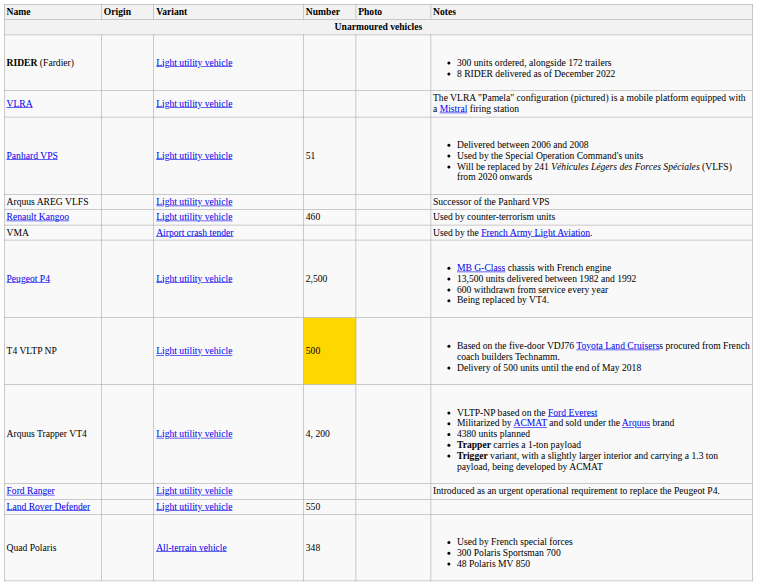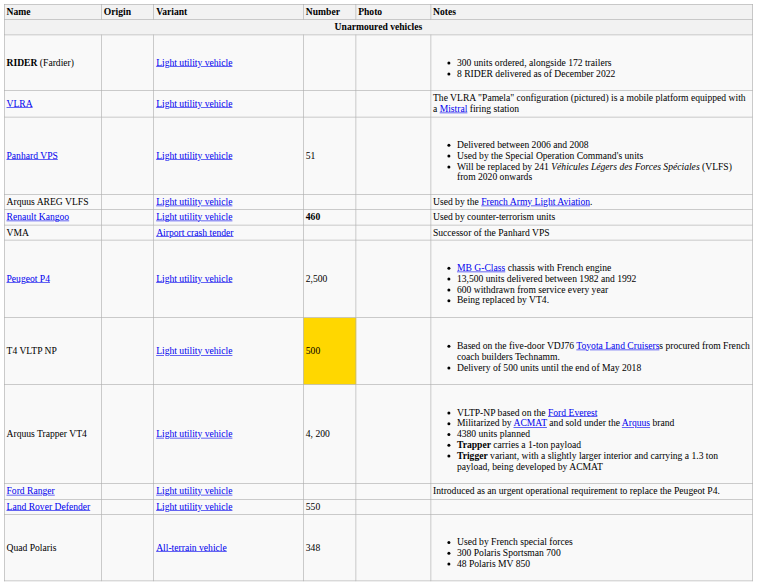 <table class="wikitable">
 <tr>
 <th style="text-align: left; width:13%;">Name</th>
 <th style="text-align: left; width:7%;">Origin</th>
 <th style="text-align: left; width:20%;">Variant</th>
 <th style="text-align: left; width:7%;">Number</th>
 <th style="text-align: left; width:10%; ">Photo</th>
 <th style="text-align: left; width:43%;">Notes</th>
 </tr>
 <tr>
 <th colspan="6" style="align: center;">Unarmoured vehicles</th>
 </tr>
 <tr>
 <td><strong>RIDER</strong> (Fardier)</td>
 <td></td>
 <td><a href='#'>Light utility vehicle</a></td>
 <td></td>
 <td></td>
 <td><br><ul><li>300 units ordered, alongside 172 trailers</li><li>8 RIDER delivered as of December 2022</li></ul></td>
 </tr>
 <tr>
 <td><a href='#'>VLRA</a></td>
 <td></td>
 <td><a href='#'>Light utility vehicle</a></td>
 <td></td>
 <td></td>
 <td>The VLRA "Pamela" configuration (pictured) is a mobile platform equipped with a <a href='#'>Mistral</a> firing station</td>
 </tr>
 <tr>
 <td><a href='#'>Panhard VPS</a></td>
 <td></td>
 <td><a href='#'>Light utility vehicle</a></td>
 <td>51</td>
 <td></td>
 <td><br><ul><li>Delivered between 2006 and 2008</li><li>Used by the Special Operation Command's units</li><li>Will be replaced by 241 <em>Véhicules Légers des Forces Spéciales</em> (VLFS) from 2020 onwards</li></ul></td>
 </tr>
 <tr>
 <td>Arquus AREG VLFS</td>
 <td></td>
 <td><a href='#'>Light utility vehicle</a></td>
 <td></td>
 <td></td>
-<td>Successor of the Panhard VPS</td>
+<td>Used by the <a href='#'>French Army Light Aviation</a>.</td>
 </tr>
 <tr>
 <td><a href='#'>Renault Kangoo</a></td>
 <td></td>
 <td><a href='#'>Light utility vehicle</a></td>
-<td>460</td>
+<td><strong>460</strong></td>
 <td></td>
 <td>Used by counter-terrorism units</td>
 </tr>
 <tr>
 <td>VMA</td>
 <td></td>
 <td><a href='#'>Airport crash tender</a></td>
 <td></td>
 <td></td>
-<td>Used by the <a href='#'>French Army Light Aviation</a>.</td>
+<td>Successor of the Panhard VPS</td>
 </tr>
 <tr>
 <td><a href='#'>Peugeot P4</a></td>
 <td><br></td>
 <td><a href='#'>Light utility vehicle</a></td>
 <td>2,500</td>
 <td></td>
 <td><br><ul><li><a href='#'>MB G-Class</a> chassis with French engine</li><li>13,500 units delivered between 1982 and 1992</li><li>600 withdrawn from service every year</li><li>Being replaced by VT4.</li></ul></td>
 </tr>
 <tr>
 <td>T4 VLTP NP</td>
 <td><br></td>
 <td><a href='#'>Light utility vehicle</a></td>
 <td style="background: gold;">500</td>
 <td></td>
 <td><br><ul><li>Based on the five-door VDJ76 <a href='#'>Toyota Land Cruisers</a>s procured from French coach builders Technamm.</li><li>Delivery of 500 units until the end of May 2018</li></ul></td>
 </tr>
 <tr>
 <td>Arquus Trapper VT4</td>
 <td><br></td>
 <td><a href='#'>Light utility vehicle</a></td>
 <td>4, 200</td>
 <td></td>
 <td><br><ul><li>VLTP-NP based on the <a href='#'>Ford Everest</a></li><li>Militarized by <a href='#'>ACMAT</a> and sold under the <a href='#'>Arquus</a> brand</li><li>4380 units planned</li><li><strong>Trapper</strong> carries a 1-ton payload</li><li><strong>Trigger</strong> variant, with a slightly larger interior and carrying a 1.3 ton payload, being developed by ACMAT</li></ul></td>
 </tr>
 <tr>
 <td><a href='#'>Ford Ranger</a></td>
 <td></td>
 <td><a href='#'>Light utility vehicle</a></td>
 <td></td>
 <td></td>
 <td>Introduced as an urgent operational requirement to replace the Peugeot P4.</td>
 </tr>
 <tr>
 <td><a href='#'>Land Rover Defender</a></td>
 <td></td>
 <td><a href='#'>Light utility vehicle</a></td>
 <td>550</td>
 <td></td>
 <td></td>
 </tr>
 <tr>
 <td>Quad Polaris</td>
 <td></td>
 <td><a href='#'>All-terrain vehicle</a></td>
 <td>348</td>
 <td></td>
 <td><br><ul><li>Used by French special forces</li><li>300 Polaris Sportsman 700</li><li>48 Polaris MV 850</li></ul></td>
 </tr>
 </table>
